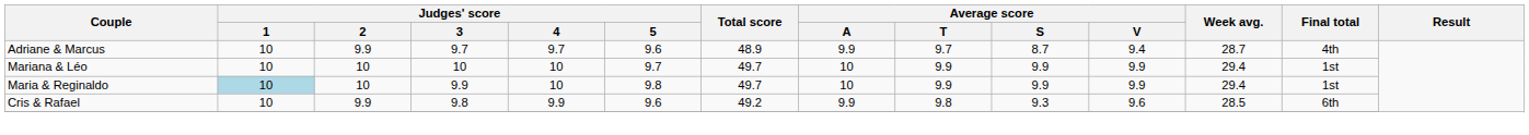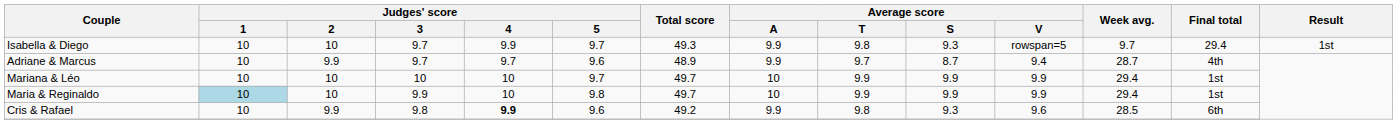 <table class="wikitable" style="font-size:100%; line-height:16px; text-align:center" width="100%">
 <tr>
 <th rowspan=2 style="width:11.0%;">Couple</th>
 <th colspan=5 style="width:25.0%;">Judges' score</th>
 <th rowspan=2 style="width:05.0%;">Total score</th>
 <th colspan=4 style="width:20.0%;">Average score</th>
 <th rowspan=2 style="width:05.0%;">Week avg.</th>
 <th rowspan=2 style="width:05.0%;">Final total</th>
 <th rowspan=2 style="width:07.5%;">Result</th>
 </tr>
 <tr>
 <th style="width:05.0%;">1</th>
 <th style="width:05.0%;">2</th>
 <th style="width:05.0%;">3</th>
 <th style="width:05.0%;">4</th>
 <th style="width:05.0%;">5</th>
 <th style="width:05.0%;">A</th>
 <th style="width:05.0%;">T</th>
 <th style="width:05.0%;">S</th>
 <th style="width:05.0%;">V</th>
+</tr>
+<tr>
+<td align="left">Isabella & Diego</td>
+<td>10</td>
+<td>10</td>
+<td>9.7</td>
+<td>9.9</td>
+<td>9.7</td>
+<td>49.3</td>
+<td>9.9</td>
+<td>9.8</td>
+<td>9.3</td>
+<td>rowspan=5 </td>
+<td>9.7</td>
+<td>29.4</td>
+<td>1st</td>
 </tr>
 <tr>
 <td align="left">Adriane & Marcus</td>
 <td>10</td>
 <td>9.9</td>
 <td>9.7</td>
 <td>9.7</td>
 <td>9.6</td>
 <td>48.9</td>
 <td>9.9</td>
 <td>9.7</td>
 <td>8.7</td>
 <td>9.4</td>
 <td>28.7</td>
 <td>4th</td>
 </tr>
 <tr>
 <td align="left">Mariana & Léo</td>
 <td>10</td>
 <td>10</td>
 <td>10</td>
 <td>10</td>
 <td>9.7</td>
 <td>49.7</td>
 <td>10</td>
 <td>9.9</td>
 <td>9.9</td>
 <td>9.9</td>
 <td>29.4</td>
 <td>1st</td>
 </tr>
 <tr>
 <td align="left">Maria & Reginaldo</td>
 <td style="background: lightblue;">10</td>
 <td>10</td>
 <td>9.9</td>
 <td>10</td>
 <td>9.8</td>
 <td>49.7</td>
 <td>10</td>
 <td>9.9</td>
 <td>9.9</td>
 <td>9.9</td>
 <td>29.4</td>
 <td>1st</td>
 </tr>
 <tr>
 <td align="left">Cris & Rafael</td>
 <td>10</td>
 <td>9.9</td>
 <td>9.8</td>
-<td>9.9</td>
+<td><strong>9.9</strong></td>
 <td>9.6</td>
 <td>49.2</td>
 <td>9.9</td>
 <td>9.8</td>
 <td>9.3</td>
 <td>9.6</td>
 <td>28.5</td>
 <td>6th</td>
 </tr>
 <tr>
 </tr>
 </table>
